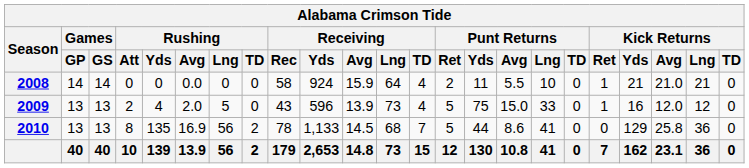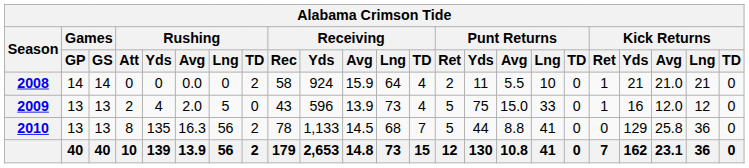 <table class=wikitable style="text-align:center;">
 <tr>
 <th colspan="27">Alabama Crimson Tide</th>
 </tr>
 <tr>
 <th rowspan="2">Season</th>
 <th colspan="2">Games</th>
 <th colspan="5">Rushing</th>
 <th colspan="5">Receiving</th>
 <th colspan="5">Punt Returns</th>
 <th colspan="5">Kick Returns</th>
 </tr>
 <tr>
 <th>GP</th>
 <th>GS</th>
 <th>Att</th>
 <th>Yds</th>
 <th>Avg</th>
 <th>Lng</th>
 <th>TD</th>
 <th>Rec</th>
 <th>Yds</th>
 <th>Avg</th>
 <th>Lng</th>
 <th>TD</th>
 <th>Ret</th>
 <th>Yds</th>
 <th>Avg</th>
 <th>Lng</th>
 <th>TD</th>
 <th>Ret</th>
 <th>Yds</th>
 <th>Avg</th>
 <th>Lng</th>
 <th>TD</th>
 </tr>
 <tr>
 <th><a href='#'>2008</a></th>
 <td>14</td>
 <td>14</td>
 <td>0</td>
 <td>0</td>
 <td>0.0</td>
 <td>0</td>
-<td>0</td>
+<td>2</td>
 <td>58</td>
 <td>924</td>
 <td>15.9</td>
 <td>64</td>
 <td>4</td>
 <td>2</td>
 <td>11</td>
 <td>5.5</td>
 <td>10</td>
 <td>0</td>
 <td>1</td>
 <td>21</td>
 <td>21.0</td>
 <td>21</td>
 <td>0</td>
 </tr>
 <tr>
 <th><a href='#'>2009</a></th>
 <td>13</td>
 <td>13</td>
 <td>2</td>
 <td>4</td>
 <td>2.0</td>
 <td>5</td>
 <td>0</td>
 <td>43</td>
 <td>596</td>
 <td>13.9</td>
 <td>73</td>
 <td>4</td>
 <td>5</td>
 <td>75</td>
 <td>15.0</td>
 <td>33</td>
 <td>0</td>
 <td>1</td>
 <td>16</td>
 <td>12.0</td>
 <td>12</td>
 <td>0</td>
 </tr>
 <tr>
 <th><a href='#'>2010</a></th>
 <td>13</td>
 <td>13</td>
 <td>8</td>
 <td>135</td>
-<td>16.9</td>
+<td>16.3</td>
 <td>56</td>
 <td>2</td>
 <td>78</td>
 <td>1,133</td>
 <td>14.5</td>
 <td>68</td>
 <td>7</td>
 <td>5</td>
 <td>44</td>
-<td>8.6</td>
+<td>8.8</td>
 <td>41</td>
 <td>0</td>
 <td>0</td>
 <td>129</td>
 <td>25.8</td>
 <td>36</td>
 <td>0</td>
 </tr>
 <tr>
 <th></th>
 <th>40</th>
 <th>40</th>
 <th>10</th>
 <th>139</th>
 <th>13.9</th>
 <th>56</th>
 <th>2</th>
 <th>179</th>
 <th>2,653</th>
 <th>14.8</th>
 <th>73</th>
 <th>15</th>
 <th>12</th>
 <th>130</th>
 <th>10.8</th>
 <th>41</th>
 <th>0</th>
 <th>7</th>
 <th>162</th>
 <th>23.1</th>
 <th>36</th>
 <th>0</th>
 </tr>
 </table>
